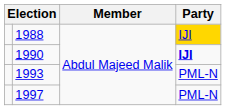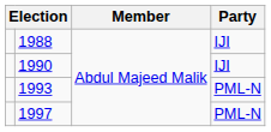 <table class="wikitable">
 <tr>
 <th colspan="2">Election</th>
 <th>Member</th>
 <th>Party</th>
 </tr>
 <tr>
 <td style="background-color: "></td>
 <td><a href='#'>1988</a></td>
 <td rowspan="4"><a href='#'>Abdul Majeed Malik</a></td>
-<td style="background: gold;"><a href='#'>IJI</a></td>
+<td><a href='#'>IJI</a></td>
 </tr>
 <tr>
 <td style="background-color: "></td>
 <td><a href='#'>1990</a></td>
-<td><strong><a href='#'>IJI</a></strong></td>
+<td><a href='#'>IJI</a></td>
 </tr>
 <tr>
 <td style="background-color: "></td>
 <td><a href='#'>1993</a></td>
 <td><a href='#'>PML-N</a></td>
 </tr>
 <tr>
 <td style="background-color: "></td>
 <td><a href='#'>1997</a></td>
 <td><a href='#'>PML-N</a></td>
 </tr>
 </table>
